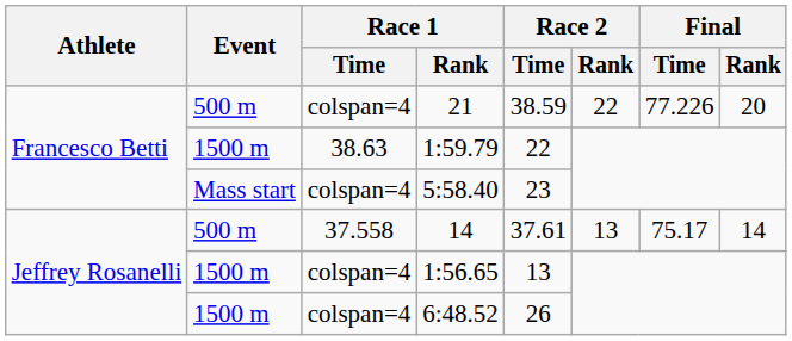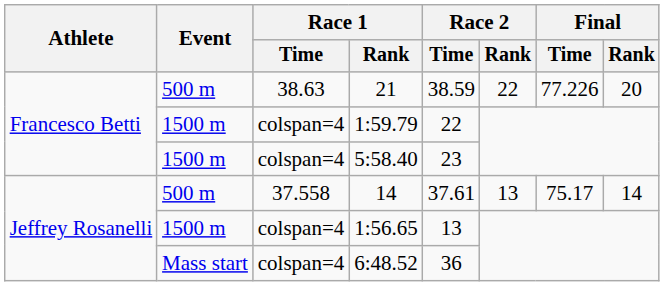 <table class="wikitable" style="font-size:90%">
 <tr>
 <th rowspan=2>Athlete</th>
 <th rowspan=2>Event</th>
 <th colspan=2>Race 1</th>
 <th colspan=2>Race 2</th>
 <th colspan=2>Final</th>
 </tr>
 <tr style="font-size:95%">
 <th>Time</th>
 <th>Rank</th>
 <th>Time</th>
 <th>Rank</th>
 <th>Time</th>
 <th>Rank</th>
 </tr>
 <tr align=center>
 <td align=left rowspan=3><a href='#'>Francesco Betti</a></td>
 <td align=left><a href='#'>500 m</a></td>
-<td>colspan=4 </td>
+<td>38.63</td>
 <td>21</td>
 <td>38.59</td>
 <td>22</td>
 <td>77.226</td>
 <td>20</td>
 </tr>
 <tr align=center>
 <td align=left><a href='#'>1500 m</a></td>
-<td>38.63</td>
+<td>colspan=4 </td>
 <td>1:59.79</td>
 <td>22</td>
 </tr>
 <tr align=center>
-<td align=left><a href='#'>Mass start</a></td>
+<td align=left><a href='#'>1500 m</a></td>
 <td>colspan=4 </td>
 <td>5:58.40</td>
 <td>23</td>
 </tr>
 <tr align=center>
 <td align=left rowspan=3><a href='#'>Jeffrey Rosanelli</a></td>
 <td align=left><a href='#'>500 m</a></td>
 <td>37.558</td>
 <td>14</td>
 <td>37.61</td>
 <td>13</td>
 <td>75.17</td>
 <td>14</td>
 </tr>
 <tr align=center>
 <td align=left><a href='#'>1500 m</a></td>
 <td>colspan=4 </td>
 <td>1:56.65</td>
 <td>13</td>
 </tr>
 <tr align=center>
-<td align=left><a href='#'>1500 m</a></td>
+<td align=left><a href='#'>Mass start</a></td>
 <td>colspan=4 </td>
 <td>6:48.52</td>
-<td>26</td>
+<td>36</td>
 </tr>
 </table>
